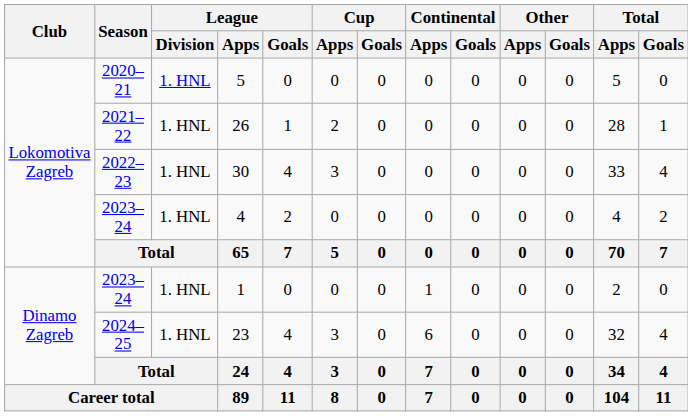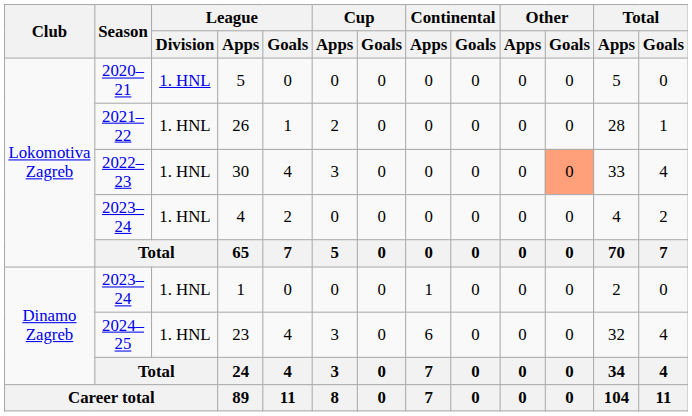 <table class="wikitable" style="text-align: center">
 <tr>
 <th rowspan="2">Club</th>
 <th rowspan="2">Season</th>
 <th colspan="3">League</th>
 <th colspan="2">Cup</th>
 <th colspan="2">Continental</th>
 <th colspan="2">Other</th>
 <th colspan="2">Total</th>
 </tr>
 <tr>
 <th>Division</th>
 <th>Apps</th>
 <th>Goals</th>
 <th>Apps</th>
 <th>Goals</th>
 <th>Apps</th>
 <th>Goals</th>
 <th>Apps</th>
 <th>Goals</th>
 <th>Apps</th>
 <th>Goals</th>
 </tr>
 <tr>
 <td rowspan="5"><a href='#'>Lokomotiva Zagreb</a></td>
 <td><a href='#'>2020–21</a></td>
 <td><a href='#'>1. HNL</a></td>
 <td>5</td>
 <td>0</td>
 <td>0</td>
 <td>0</td>
 <td>0</td>
 <td>0</td>
 <td>0</td>
 <td>0</td>
 <td>5</td>
 <td>0</td>
 </tr>
 <tr>
 <td><a href='#'>2021–22</a></td>
 <td>1. HNL</td>
 <td>26</td>
 <td>1</td>
 <td>2</td>
 <td>0</td>
 <td>0</td>
 <td>0</td>
 <td>0</td>
 <td>0</td>
 <td>28</td>
 <td>1</td>
 </tr>
 <tr>
 <td><a href='#'>2022–23</a></td>
 <td>1. HNL</td>
 <td>30</td>
 <td>4</td>
 <td>3</td>
 <td>0</td>
 <td>0</td>
 <td>0</td>
 <td>0</td>
-<td>0</td>
+<td style="background: lightsalmon;">0</td>
 <td>33</td>
 <td>4</td>
 </tr>
 <tr>
 <td><a href='#'>2023–24</a></td>
 <td>1. HNL</td>
 <td>4</td>
 <td>2</td>
 <td>0</td>
 <td>0</td>
 <td>0</td>
 <td>0</td>
 <td>0</td>
 <td>0</td>
 <td>4</td>
 <td>2</td>
 </tr>
 <tr>
 <th colspan=2>Total</th>
 <th>65</th>
 <th>7</th>
 <th>5</th>
 <th>0</th>
 <th>0</th>
 <th>0</th>
 <th>0</th>
 <th>0</th>
 <th>70</th>
 <th>7</th>
 </tr>
 <tr>
 <td rowspan="3"><a href='#'>Dinamo Zagreb</a></td>
 <td><a href='#'>2023–24</a></td>
 <td>1. HNL</td>
 <td>1</td>
 <td>0</td>
 <td>0</td>
 <td>0</td>
 <td>1</td>
 <td>0</td>
 <td>0</td>
 <td>0</td>
 <td>2</td>
 <td>0</td>
 </tr>
 <tr>
 <td><a href='#'>2024–25</a></td>
 <td>1. HNL</td>
 <td>23</td>
 <td>4</td>
 <td>3</td>
 <td>0</td>
 <td>6</td>
 <td>0</td>
 <td>0</td>
 <td>0</td>
 <td>32</td>
 <td>4</td>
 </tr>
 <tr>
 <th colspan=2>Total</th>
 <th>24</th>
 <th>4</th>
 <th>3</th>
 <th>0</th>
 <th>7</th>
 <th>0</th>
 <th>0</th>
 <th>0</th>
 <th>34</th>
 <th>4</th>
 </tr>
 <tr>
 <th colspan=3>Career total</th>
 <th>89</th>
 <th>11</th>
 <th>8</th>
 <th>0</th>
 <th>7</th>
 <th>0</th>
 <th>0</th>
 <th>0</th>
 <th>104</th>
 <th>11</th>
 </tr>
 </table>
